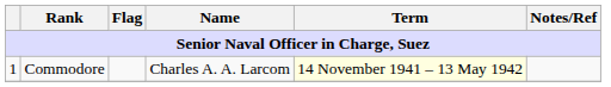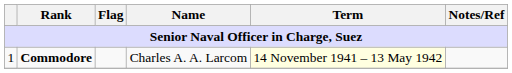 <table class="wikitable">
 <tr>
 <th></th>
 <th>Rank</th>
 <th>Flag</th>
 <th>Name</th>
 <th>Term</th>
 <th>Notes/Ref</th>
 </tr>
 <tr>
 <td colspan="6" align="center" style="background:#dcdcfe;"><strong>Senior Naval Officer in Charge, Suez</strong></td>
 </tr>
 <tr>
 <td>1</td>
-<td>Commodore</td>
+<td><strong>Commodore</strong></td>
 <td></td>
 <td>Charles A. A. Larcom</td>
 <td style="background: lightyellow;">14 November 1941 – 13 May 1942</td>
 <td></td>
 </tr>
 <tr>
 </tr>
 </table>
